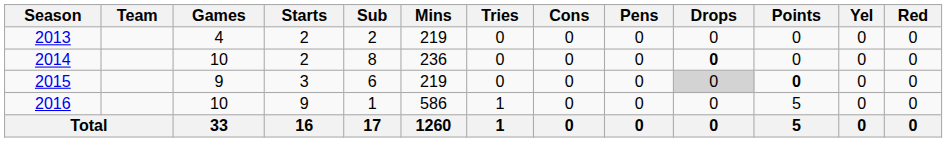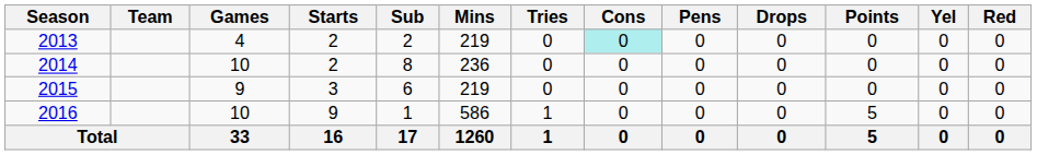 <table class="wikitable" style="text-align:center; line-height:90%; font-size:95%; width:70%;">
 <tr>
 <th>Season</th>
 <th>Team</th>
 <th>Games</th>
 <th>Starts</th>
 <th>Sub</th>
 <th>Mins</th>
 <th>Tries</th>
 <th>Cons</th>
 <th>Pens</th>
 <th>Drops</th>
 <th>Points</th>
 <th>Yel</th>
 <th>Red</th>
 </tr>
 <tr>
 <td><a href='#'>2013</a></td>
 <td></td>
 <td>4</td>
 <td>2</td>
 <td>2</td>
 <td>219</td>
 <td>0</td>
-<td>0</td>
+<td style="background: paleturquoise;">0</td>
 <td>0</td>
 <td>0</td>
 <td>0</td>
 <td>0</td>
 <td>0</td>
 </tr>
 <tr>
 <td><a href='#'>2014</a></td>
 <td></td>
 <td>10</td>
 <td>2</td>
 <td>8</td>
 <td>236</td>
 <td>0</td>
 <td>0</td>
 <td>0</td>
-<td><strong>0</strong></td>
+<td>0</td>
 <td>0</td>
 <td>0</td>
 <td>0</td>
 </tr>
 <tr>
 <td><a href='#'>2015</a></td>
 <td></td>
 <td>9</td>
 <td>3</td>
 <td>6</td>
 <td>219</td>
 <td>0</td>
 <td>0</td>
 <td>0</td>
-<td style="background: lightgrey;">0</td>
-<td><strong>0</strong></td>
+<td>0</td>
+<td>0</td>
 <td>0</td>
 <td>0</td>
 </tr>
 <tr>
 <td><a href='#'>2016</a></td>
 <td></td>
 <td>10</td>
 <td>9</td>
 <td>1</td>
 <td>586</td>
 <td>1</td>
 <td>0</td>
 <td>0</td>
 <td>0</td>
 <td>5</td>
 <td>0</td>
 <td>0</td>
 </tr>
 <tr>
 <th colspan="2">Total</th>
 <th>33</th>
 <th>16</th>
 <th>17</th>
 <th>1260</th>
 <th>1</th>
 <th>0</th>
 <th>0</th>
 <th>0</th>
 <th>5</th>
 <th>0</th>
 <th>0</th>
 </tr>
 </table>
